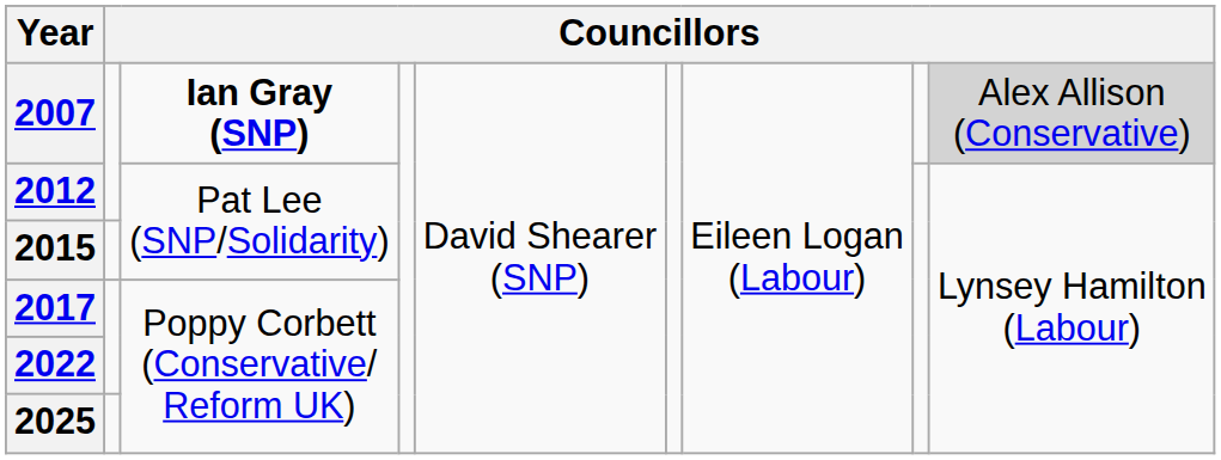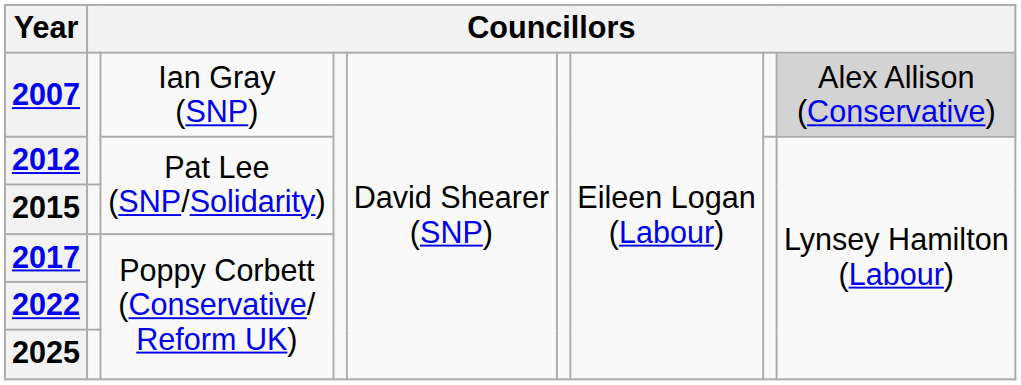 <table class="wikitable" style="text-align:center">
 <tr>
 <th>Year</th>
 <th colspan=8>Councillors</th>
 </tr>
 <tr>
 <th><a href='#'>2007</a></th>
 <td rowspan=2; style="background-color: "></td>
-<td><strong>Ian Gray<br>(<a href='#'>SNP</a>)</strong></td>
+<td>Ian Gray<br>(<a href='#'>SNP</a>)</td>
 <td rowspan=6; style="background-color: "></td>
 <td rowspan=6>David Shearer<br>(<a href='#'>SNP</a>)</td>
 <td rowspan=6; style="background-color: "></td>
 <td rowspan=6>Eileen Logan<br>(<a href='#'>Labour</a>)</td>
 <td style="background-color: "></td>
 <td style="background: lightgrey;">Alex Allison<br>(<a href='#'>Conservative</a>)</td>
 </tr>
 <tr>
 <th><a href='#'>2012</a></th>
 <td rowspan=2>Pat Lee<br>(<a href='#'>SNP</a>/<a href='#'>Solidarity</a>)</td>
 <td rowspan=5; style="background-color: "></td>
 <td rowspan=5>Lynsey Hamilton<br>(<a href='#'>Labour</a>)</td>
 </tr>
 <tr>
 <th>2015</th>
 <td style="background-color: "></td>
 </tr>
 <tr>
 <th><a href='#'>2017</a></th>
 <td rowspan=2; style="background-color: "></td>
 <td rowspan=3>Poppy Corbett<br>(<a href='#'>Conservative</a>/<br><a href='#'>Reform UK</a>)</td>
 </tr>
 <tr>
 <th><a href='#'>2022</a></th>
 </tr>
 <tr>
 <th>2025</th>
 <td style="background-color: "></td>
 </tr>
 </table>
